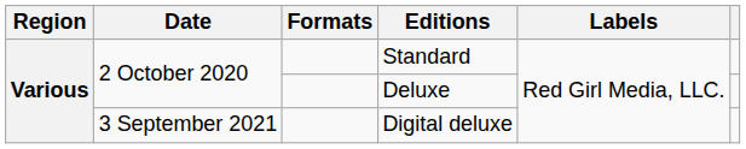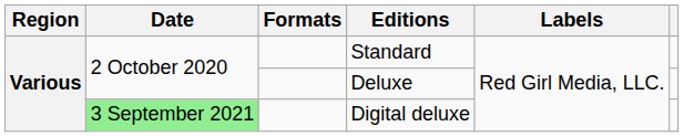 <table class="wikitable plainrowheaders">
 <tr>
 <th scope="col">Region</th>
 <th scope="col">Date</th>
 <th scope="col">Formats</th>
 <th scope="col">Editions</th>
 <th scope="col">Labels</th>
 <th scope="col"></th>
 </tr>
 <tr>
 <th scope="row" rowspan="3">Various</th>
 <td rowspan="2">2 October 2020</td>
 <td></td>
 <td>Standard</td>
 <td rowspan="3">Red Girl Media, LLC.</td>
 <td style="text-align:center;"></td>
 </tr>
 <tr>
 <td></td>
 <td>Deluxe</td>
 <td style="text-align:center;"></td>
 </tr>
 <tr>
-<td>3 September 2021</td>
+<td style="background: lightgreen;">3 September 2021</td>
 <td></td>
 <td>Digital deluxe</td>
 <td style="text-align:center;"></td>
 </tr>
 </table>
